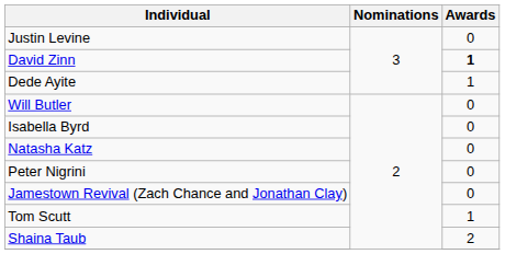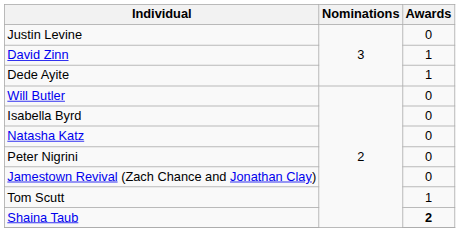 <table class="wikitable sortable">
 <tr>
 <th>Individual</th>
 <th>Nominations</th>
 <th>Awards</th>
 </tr>
 <tr>
 <td>Justin Levine</td>
 <td align=center rowspan=3>3</td>
 <td align=center>0</td>
 </tr>
 <tr>
 <td><a href='#'>David Zinn</a></td>
-<td align=center><strong>1</strong></td>
+<td align=center>1</td>
 </tr>
 <tr>
 <td>Dede Ayite</td>
 <td align=center>1</td>
 </tr>
 <tr>
 <td><a href='#'>Will Butler</a></td>
 <td align=center rowspan=8>2</td>
 <td align=center>0</td>
 </tr>
 <tr>
 <td>Isabella Byrd</td>
 <td align=center>0</td>
 </tr>
 <tr>
 <td><a href='#'>Natasha Katz</a></td>
 <td align=center>0</td>
 </tr>
 <tr>
 <td>Peter Nigrini</td>
 <td align=center>0</td>
 </tr>
 <tr>
 <td><a href='#'>Jamestown Revival</a> (Zach Chance and <a href='#'>Jonathan Clay</a>)</td>
 <td align=center>0</td>
 </tr>
 <tr>
 <td>Tom Scutt</td>
 <td align=center>1</td>
 </tr>
 <tr>
 <td><a href='#'>Shaina Taub</a></td>
-<td align=center>2</td>
+<td align=center><strong>2</strong></td>
 </tr>
 <tr>
 </tr>
 </table>
